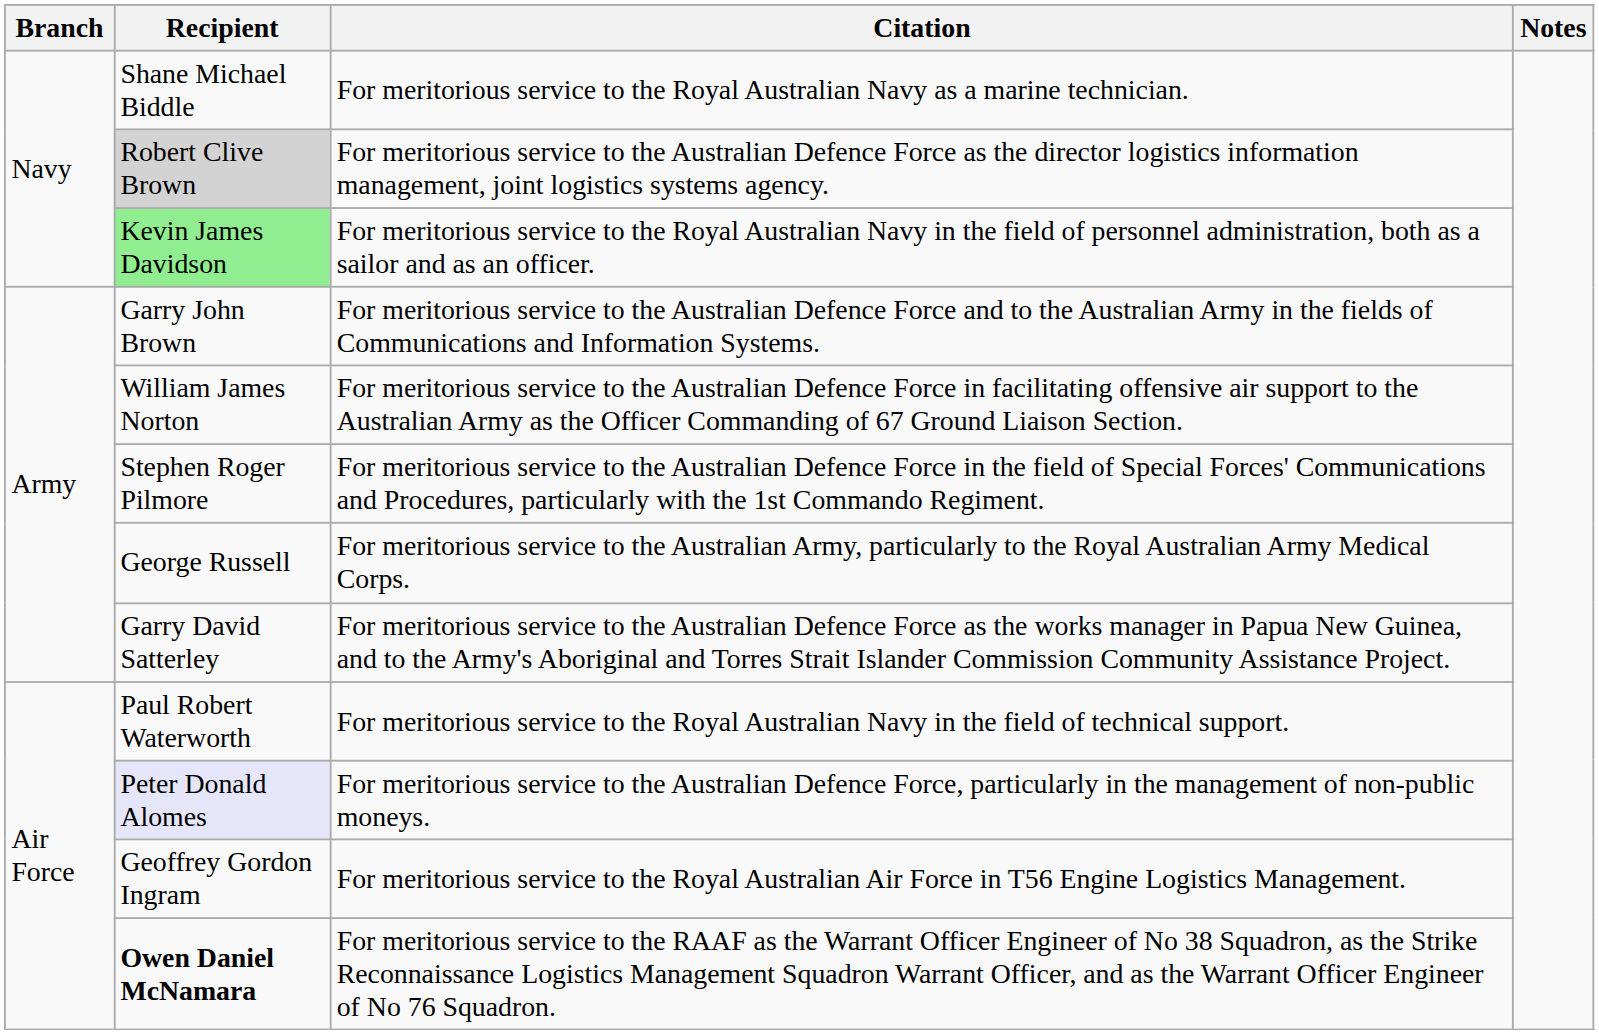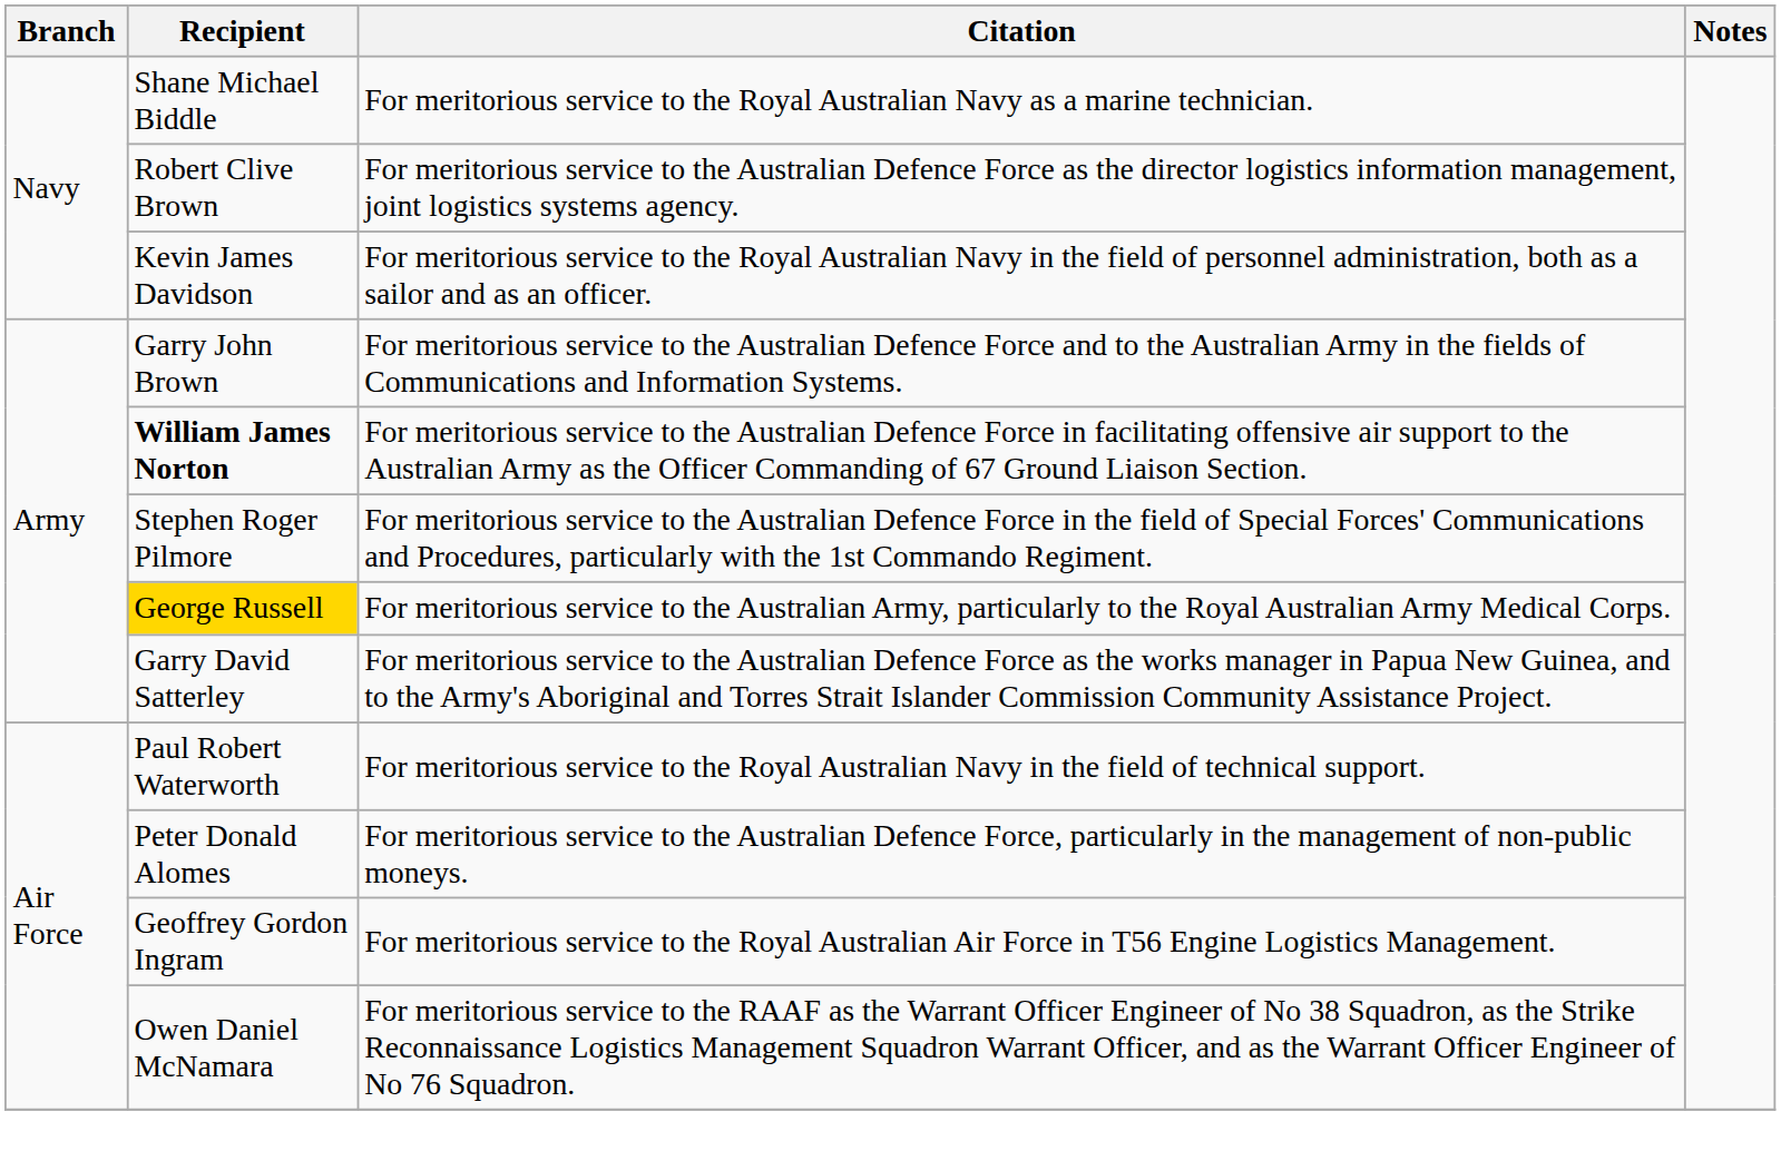 <table class="wikitable" style="font-size:95%;">
 <tr>
 <th>Branch</th>
 <th>Recipient</th>
 <th>Citation</th>
 <th>Notes</th>
 </tr>
 <tr>
 <td rowspan="3">Navy</td>
 <td> Shane Michael Biddle</td>
 <td>For meritorious service to the Royal Australian Navy as a marine technician.</td>
 <td rowspan=12></td>
 </tr>
 <tr>
-<td style="background: lightgrey;"> Robert Clive Brown </td>
+<td> Robert Clive Brown </td>
 <td>For meritorious service to the Australian Defence Force as the director logistics information management, joint logistics systems agency.</td>
 </tr>
 <tr>
-<td style="background: lightgreen;"> Kevin James Davidson </td>
+<td> Kevin James Davidson </td>
 <td>For meritorious service to the Royal Australian Navy in the field of personnel administration, both as a sailor and as an officer.</td>
 </tr>
 <tr>
 <td rowspan="5">Army</td>
 <td> Garry John Brown</td>
 <td>For meritorious service to the Australian Defence Force and to the Australian Army in the fields of Communications and Information Systems.</td>
 </tr>
 <tr>
-<td> William James Norton</td>
+<td><strong> William James Norton</strong></td>
 <td>For meritorious service to the Australian Defence Force in facilitating offensive air support to the Australian Army as the Officer Commanding of 67 Ground Liaison Section.</td>
 </tr>
 <tr>
 <td> Stephen Roger Pilmore </td>
 <td>For meritorious service to the Australian Defence Force in the field of Special Forces' Communications and Procedures, particularly with the 1st Commando Regiment.</td>
 </tr>
 <tr>
-<td> George Russell</td>
+<td style="background: gold;"> George Russell</td>
 <td>For meritorious service to the Australian Army, particularly to the Royal Australian Army Medical Corps.</td>
 </tr>
 <tr>
 <td> Garry David Satterley</td>
 <td>For meritorious service to the Australian Defence Force as the works manager in Papua New Guinea, and to the Army's Aboriginal and Torres Strait Islander Commission Community Assistance Project.</td>
 </tr>
 <tr>
 <td rowspan="4">Air Force</td>
 <td> Paul Robert Waterworth</td>
 <td>For meritorious service to the Royal Australian Navy in the field of technical support.</td>
 </tr>
 <tr>
-<td style="background: lavender;"> Peter Donald Alomes</td>
+<td> Peter Donald Alomes</td>
 <td>For meritorious service to the Australian Defence Force, particularly in the management of non-public moneys.</td>
 </tr>
 <tr>
 <td> Geoffrey Gordon Ingram</td>
 <td>For meritorious service to the Royal Australian Air Force in T56 Engine Logistics Management.</td>
 </tr>
 <tr>
-<td><strong> Owen Daniel McNamara</strong></td>
+<td> Owen Daniel McNamara</td>
 <td>For meritorious service to the RAAF as the Warrant Officer Engineer of No 38 Squadron, as the Strike Reconnaissance Logistics Management Squadron Warrant Officer, and as the Warrant Officer Engineer of No 76 Squadron.</td>
 </tr>
 <tr>
 </tr>
 </table>
